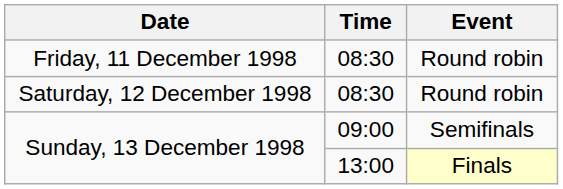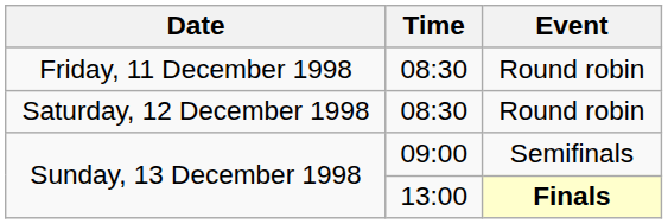 <table class = "wikitable" style="text-align:center;">
 <tr>
 <th width=220>Date</th>
 <th width=50>Time</th>
 <th width=100>Event</th>
 </tr>
 <tr>
 <td>Friday, 11 December 1998</td>
 <td>08:30</td>
 <td>Round robin</td>
 </tr>
 <tr>
 <td>Saturday, 12 December 1998</td>
 <td>08:30</td>
 <td>Round robin</td>
 </tr>
 <tr>
 <td rowspan=2>Sunday, 13 December 1998</td>
 <td>09:00</td>
 <td>Semifinals</td>
 </tr>
 <tr>
 <td>13:00</td>
-<td bgcolor=ffffcc>Finals</td>
+<td bgcolor=ffffcc><strong>Finals</strong></td>
 </tr>
 </table>
